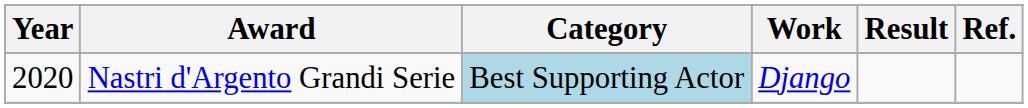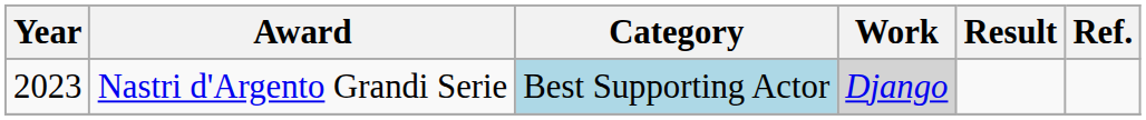 <table class="wikitable">
 <tr>
 <th>Year</th>
 <th>Award</th>
 <th>Category</th>
 <th>Work</th>
 <th>Result</th>
 <th>Ref.</th>
 </tr>
 <tr>
-<td>2020</td>
+<td>2023</td>
 <td><a href='#'>Nastri d'Argento</a> Grandi Serie</td>
 <td style="background: lightblue;">Best Supporting Actor</td>
-<td><em><a href='#'>Django</a></em></td>
+<td style="background: lightgrey;"><em><a href='#'>Django</a></em></td>
 <td></td>
 <td></td>
 </tr>
 <tr>
 </tr>
 </table>
